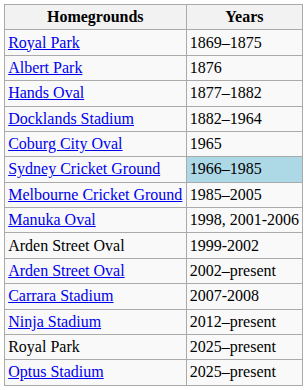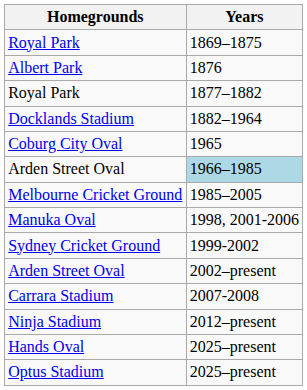 <table class="wikitable">
 <tr>
 <th>Homegrounds</th>
 <th>Years</th>
 </tr>
 <tr>
 <td><a href='#'>Royal Park</a></td>
 <td>1869–1875</td>
 </tr>
 <tr>
 <td><a href='#'>Albert Park</a></td>
 <td>1876</td>
 </tr>
 <tr>
-<td><a href='#'>Hands Oval</a></td>
+<td>Royal Park</td>
 <td>1877–1882</td>
 </tr>
 <tr>
 <td><a href='#'>Docklands Stadium</a></td>
 <td>1882–1964</td>
 </tr>
 <tr>
 <td><a href='#'>Coburg City Oval</a></td>
 <td>1965</td>
 </tr>
 <tr>
-<td><a href='#'>Sydney Cricket Ground</a></td>
+<td>Arden Street Oval</td>
 <td style="background: lightblue;">1966–1985</td>
 </tr>
 <tr>
 <td><a href='#'>Melbourne Cricket Ground</a></td>
 <td>1985–2005</td>
 </tr>
 <tr>
 <td><a href='#'>Manuka Oval</a></td>
 <td>1998, 2001-2006</td>
 </tr>
 <tr>
-<td>Arden Street Oval</td>
+<td><a href='#'>Sydney Cricket Ground</a></td>
 <td>1999-2002</td>
 </tr>
 <tr>
 <td><a href='#'>Arden Street Oval</a></td>
 <td>2002–present</td>
 </tr>
 <tr>
 <td><a href='#'>Carrara Stadium</a></td>
 <td>2007-2008</td>
 </tr>
 <tr>
 <td><a href='#'>Ninja Stadium</a></td>
 <td>2012–present</td>
 </tr>
 <tr>
-<td>Royal Park</td>
+<td><a href='#'>Hands Oval</a></td>
 <td>2025–present</td>
 </tr>
 <tr>
 <td><a href='#'>Optus Stadium</a></td>
 <td>2025–present</td>
 </tr>
 </table>
